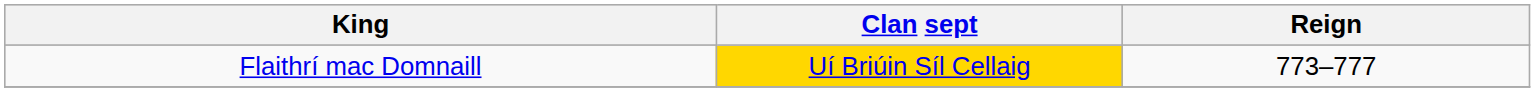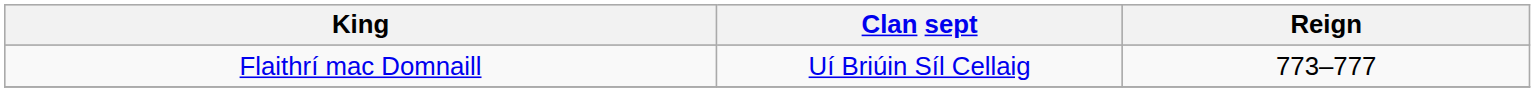 <table width=75% class="wikitable">
 <tr>
 <th width=35%>King</th>
 <th width=20%><a href='#'>Clan</a> <a href='#'>sept</a></th>
 <th width=20%>Reign</th>
 </tr>
 <tr>
 <td align="center"><a href='#'>Flaithrí mac Domnaill</a></td>
-<td align="center" style="background: gold;"><a href='#'>Uí Briúin Síl Cellaig</a></td>
+<td align="center"><a href='#'>Uí Briúin Síl Cellaig</a></td>
 <td align="center">773–777</td>
 </tr>
 <tr>
 </tr>
 </table>
